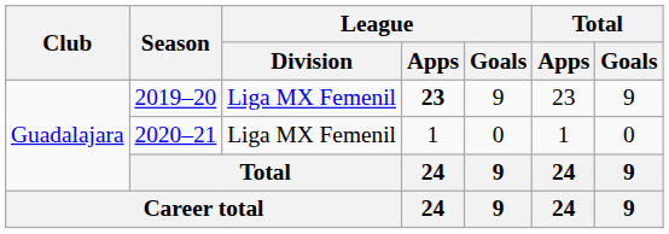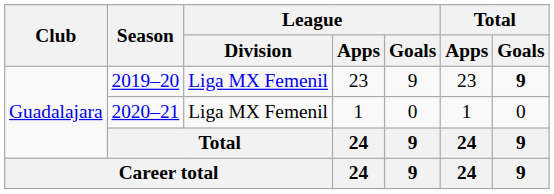 <table class=wikitable style="text-align: center;">
 <tr>
 <th rowspan=2>Club</th>
 <th rowspan=2>Season</th>
 <th colspan=3>League</th>
 <th colspan=2>Total</th>
 </tr>
 <tr>
 <th>Division</th>
 <th>Apps</th>
 <th>Goals</th>
 <th>Apps</th>
 <th>Goals</th>
 </tr>
 <tr>
 <td rowspan=3><a href='#'>Guadalajara</a></td>
 <td><a href='#'>2019–20</a></td>
 <td><a href='#'>Liga MX Femenil</a></td>
-<td><strong>23</strong></td>
+<td>23</td>
 <td>9</td>
 <td>23</td>
-<td>9</td>
+<td><strong>9</strong></td>
 </tr>
 <tr>
 <td><a href='#'>2020–21</a></td>
 <td>Liga MX Femenil</td>
 <td>1</td>
 <td>0</td>
 <td>1</td>
 <td>0</td>
 </tr>
 <tr>
 <th colspan=2>Total</th>
 <th>24</th>
 <th>9</th>
 <th>24</th>
 <th>9</th>
 </tr>
 <tr>
 <th colspan=3>Career total</th>
 <th>24</th>
 <th>9</th>
 <th>24</th>
 <th>9</th>
 </tr>
 </table>
